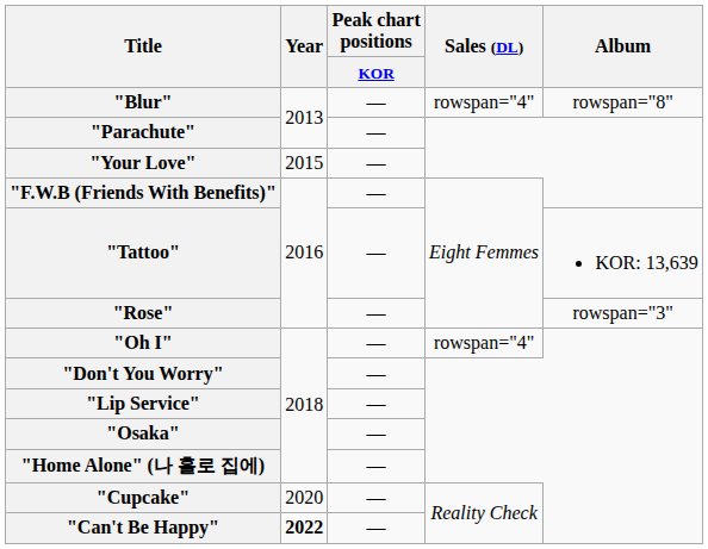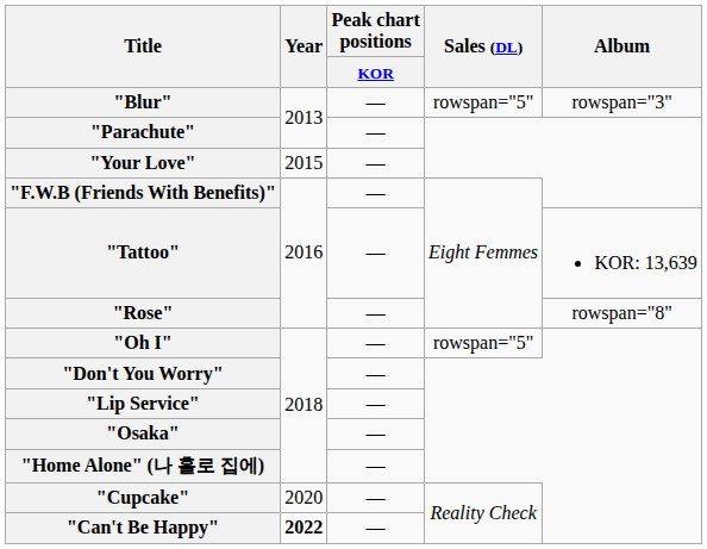 <table class="wikitable plainrowheaders" style="text-align:center;">
 <tr>
 <th scope="col" rowspan="2">Title</th>
 <th scope="col" rowspan="2">Year</th>
 <th scope="col" colspan="1">Peak chart <br> positions</th>
 <th scope="col" rowspan="2">Sales <small>(<a href='#'>DL</a>)</small></th>
 <th scope="col" rowspan="2">Album</th>
 </tr>
 <tr>
 <th><small><a href='#'>KOR</a></small><br></th>
 </tr>
 <tr>
 <th scope="row">"Blur"<br></th>
 <td rowspan="2">2013</td>
 <td>—</td>
-<td>rowspan="4" </td>
-<td>rowspan="8" </td>
+<td>rowspan="5" </td>
+<td>rowspan="3" </td>
 </tr>
 <tr>
 <th scope="row">"Parachute"<br></th>
 <td>—</td>
 </tr>
 <tr>
 <th scope="row">"Your Love"<br></th>
 <td>2015</td>
 <td>—</td>
 </tr>
 <tr>
 <th scope="row">"F.W.B (Friends With Benefits)"<br></th>
 <td rowspan="3">2016</td>
 <td>—</td>
 <td rowspan="3"><em>Eight Femmes</em></td>
 </tr>
 <tr>
 <th scope="row">"Tattoo"<br></th>
 <td>—</td>
 <td><br><ul><li>KOR: 13,639</li></ul></td>
 </tr>
 <tr>
 <th scope="row">"Rose"</th>
 <td>—</td>
-<td>rowspan="3" </td>
+<td>rowspan="8" </td>
 </tr>
 <tr>
 <th scope="row">"Oh I"<br></th>
 <td rowspan="5">2018</td>
 <td>—</td>
-<td>rowspan="4" </td>
+<td>rowspan="5" </td>
 </tr>
 <tr>
 <th scope="row">"Don't You Worry"<br></th>
 <td>—</td>
 </tr>
 <tr>
 <th scope="row">"Lip Service"<br></th>
 <td>—</td>
 </tr>
 <tr>
 <th scope="row">"Osaka"<br></th>
 <td>—</td>
 </tr>
 <tr>
 <th scope="row">"Home Alone" (나 홀로 집에)</th>
 <td>—</td>
 </tr>
 <tr>
 <th scope="row">"Cupcake"<br></th>
 <td>2020</td>
 <td>—</td>
 <td rowspan="2"><em>Reality Check</em></td>
 </tr>
 <tr>
 <th scope="row">"Can't Be Happy"</th>
 <td><strong>2022</strong></td>
 <td>—</td>
 </tr>
 <tr>
 </tr>
 </table>
